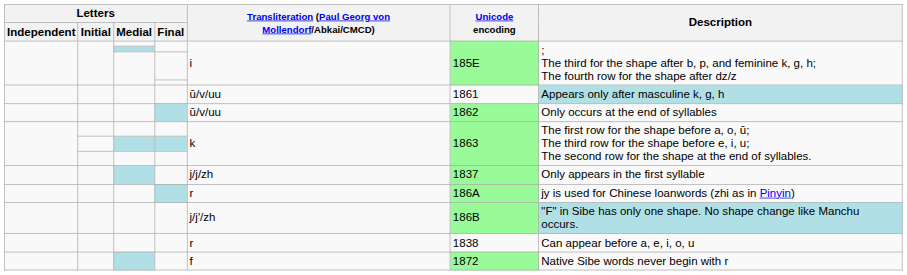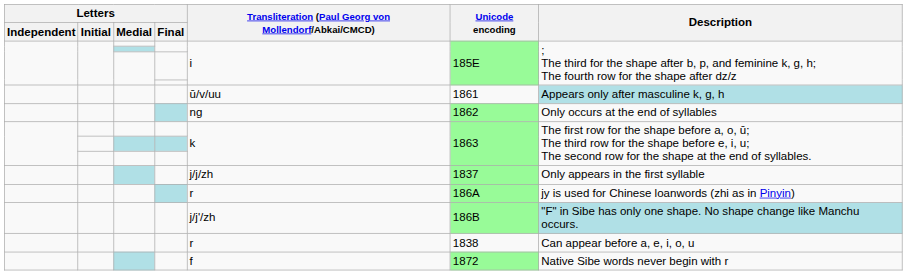 <table class="wikitable">
 <tr>
 <th colspan="4">Letters</th>
 <th rowspan="2"><small><a href='#'>Transliteration</a> (<a href='#'>Paul Georg von Mollendorf</a>/Abkai/CMCD)</small></th>
 <th rowspan="2"><small><a href='#'>Unicode</a> encoding</small></th>
 <th rowspan="2">Description</th>
 </tr>
 <tr>
 <th>Independent</th>
 <th>Initial</th>
 <th>Medial</th>
 <th>Final</th>
 </tr>
 <tr>
 <td rowspan="4"></td>
 <td rowspan="4"> </td>
 <td> </td>
 <td rowspan="2"> </td>
 <td rowspan="4">i</td>
 <td rowspan="4" style="background: PaleGreen">185E</td>
 <td rowspan="4">;<br>The third for the shape after b, p, and feminine k, g, h;<br>The fourth row for the shape after dz/z</td>
 </tr>
 <tr>
 <td style="background: PowderBlue"></td>
 </tr>
 <tr>
 <td rowspan="2"></td>
 <td></td>
 </tr>
 <tr>
 <td></td>
 </tr>
 <tr>
 <td></td>
 <td></td>
 <td></td>
 <td></td>
 <td>ū/v/uu</td>
 <td>1861</td>
 <td style="background: PowderBlue">Appears only after masculine k, g, h</td>
 </tr>
 <tr>
 <td></td>
 <td></td>
 <td></td>
 <td style="background: PowderBlue"></td>
-<td>ū/v/uu</td>
+<td>ng</td>
 <td style="background: PaleGreen">1862</td>
 <td>Only occurs at the end of syllables</td>
 </tr>
 <tr>
 <td rowspan="3"></td>
 <td> </td>
 <td> </td>
 <td></td>
 <td rowspan="3">k</td>
 <td rowspan="3" style="background: PaleGreen">1863</td>
 <td rowspan="3">The first row for the shape before a, o, ū;<br>The third row for the shape before e, i, u;<br><span>The second row for the shape at the end of syllables</span>.</td>
 </tr>
 <tr>
 <td></td>
 <td style="background: PowderBlue"></td>
 <td style="background: PowderBlue"></td>
 </tr>
 <tr>
 <td> </td>
 <td> </td>
 <td></td>
 </tr>
 <tr>
 <td></td>
 <td> </td>
 <td style="background: PowderBlue"> </td>
 <td></td>
 <td>j/j/zh</td>
 <td style="background: PaleGreen">1837</td>
 <td>Only appears in the first syllable</td>
 </tr>
 <tr>
 <td></td>
 <td></td>
 <td> </td>
 <td style="background: PowderBlue"></td>
 <td>r</td>
 <td style="background: PaleGreen">186A</td>
 <td>jy is used for Chinese loanwords (zhi as in <a href='#'>Pinyin</a>)</td>
 </tr>
 <tr>
 <td></td>
 <td></td>
 <td></td>
 <td></td>
 <td>j/j'/zh</td>
 <td style="background: PaleGreen">186B</td>
 <td style="background: PowderBlue">"F" in Sibe has only one shape. No shape change like Manchu occurs.</td>
 </tr>
 <tr>
 <td></td>
 <td> </td>
 <td> </td>
 <td></td>
 <td>r</td>
 <td>1838</td>
 <td>Can appear before a, e, <span>i, o, u</span></td>
 </tr>
 <tr>
 <td></td>
 <td></td>
 <td style="background: PowderBlue"></td>
 <td></td>
 <td>f</td>
 <td style="background: PaleGreen">1872</td>
 <td>Native Sibe words never begin with r</td>
 </tr>
 </table>
